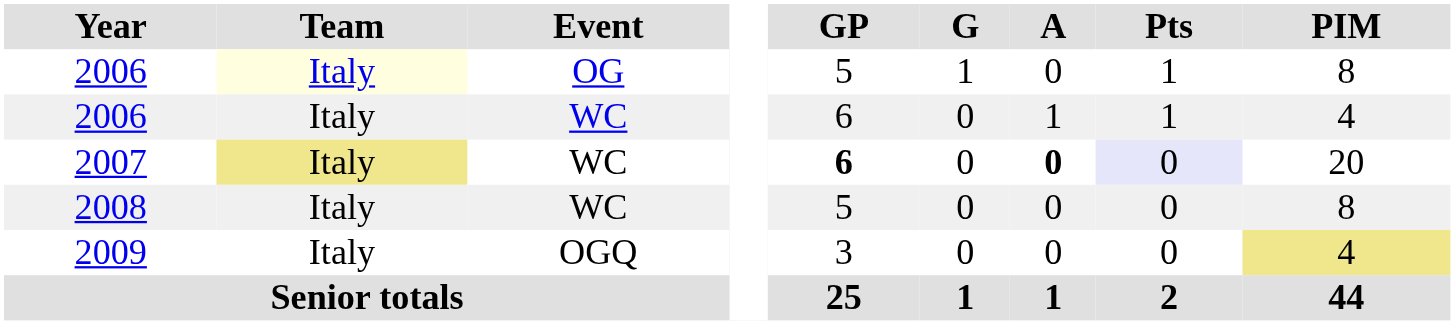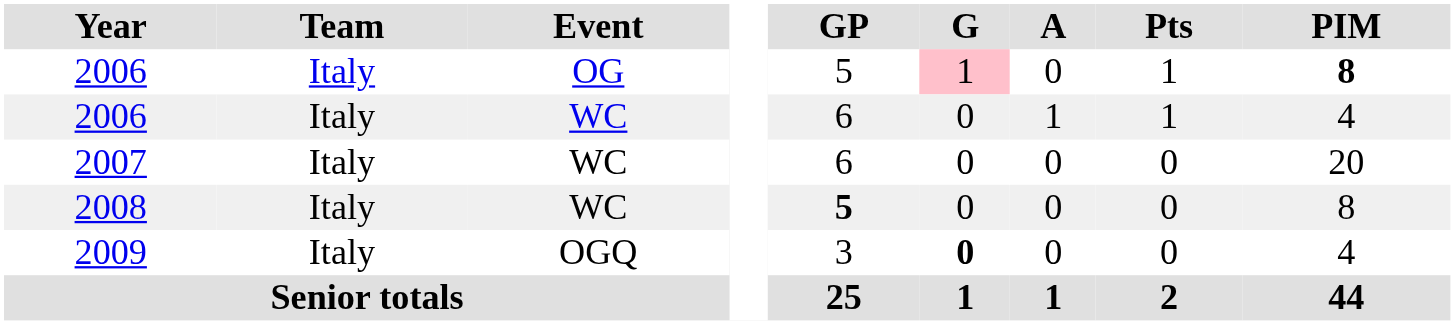 <table border="0" cellpadding="1" cellspacing="0" style="text-align:center; width:40em">
 <tr ALIGN="center" bgcolor="#e0e0e0">
 <th>Year</th>
 <th>Team</th>
 <th>Event</th>
 <th ALIGN="center" rowspan="99" bgcolor="#ffffff"> </th>
 <th>GP</th>
 <th>G</th>
 <th>A</th>
 <th>Pts</th>
 <th>PIM</th>
 </tr>
 <tr>
 <td><a href='#'>2006</a></td>
-<td style="background: lightyellow;"><a href='#'>Italy</a></td>
+<td><a href='#'>Italy</a></td>
 <td><a href='#'>OG</a></td>
 <td>5</td>
-<td>1</td>
+<td style="background: pink;">1</td>
 <td>0</td>
 <td>1</td>
-<td>8</td>
+<td><strong>8</strong></td>
 </tr>
 <tr bgcolor="#f0f0f0">
 <td><a href='#'>2006</a></td>
 <td>Italy</td>
 <td><a href='#'>WC</a></td>
 <td>6</td>
 <td>0</td>
 <td>1</td>
 <td>1</td>
 <td>4</td>
 </tr>
 <tr>
 <td><a href='#'>2007</a></td>
-<td style="background: khaki;">Italy</td>
+<td>Italy</td>
 <td>WC</td>
-<td><strong>6</strong></td>
+<td>6</td>
 <td>0</td>
-<td><strong>0</strong></td>
-<td style="background: lavender;">0</td>
+<td>0</td>
+<td>0</td>
 <td>20</td>
 </tr>
 <tr bgcolor="#f0f0f0">
 <td><a href='#'>2008</a></td>
 <td>Italy</td>
 <td>WC</td>
-<td>5</td>
+<td><strong>5</strong></td>
 <td>0</td>
 <td>0</td>
 <td>0</td>
 <td>8</td>
 </tr>
 <tr>
 <td><a href='#'>2009</a></td>
 <td>Italy</td>
 <td>OGQ</td>
 <td>3</td>
+<td><strong>0</strong></td>
 <td>0</td>
 <td>0</td>
-<td>0</td>
-<td style="background: khaki;">4</td>
+<td>4</td>
 </tr>
 <tr bgcolor="#e0e0e0">
 <th colspan="3">Senior totals</th>
 <th>25</th>
 <th>1</th>
 <th>1</th>
 <th>2</th>
 <th>44</th>
 </tr>
 </table>
